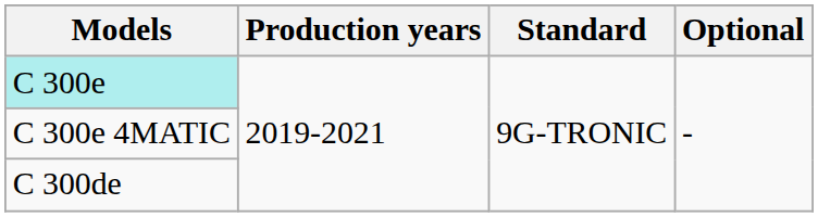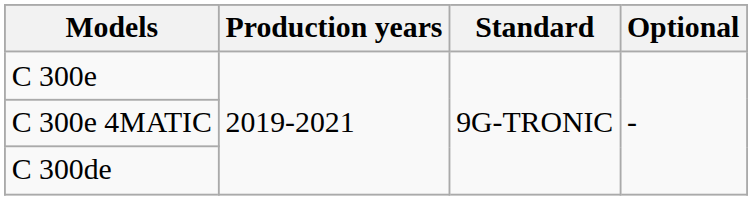 <table class="wikitable">
 <tr>
 <th>Models</th>
 <th>Production years</th>
 <th>Standard</th>
 <th>Optional</th>
 </tr>
 <tr>
-<td style="background: paleturquoise;">C 300e</td>
+<td>C 300e</td>
 <td rowspan="3">2019-2021</td>
 <td rowspan="3">9G-TRONIC</td>
 <td rowspan="3">-</td>
 </tr>
 <tr>
 <td>C 300e 4MATIC</td>
 </tr>
 <tr>
 <td>C 300de</td>
 </tr>
 </table>
